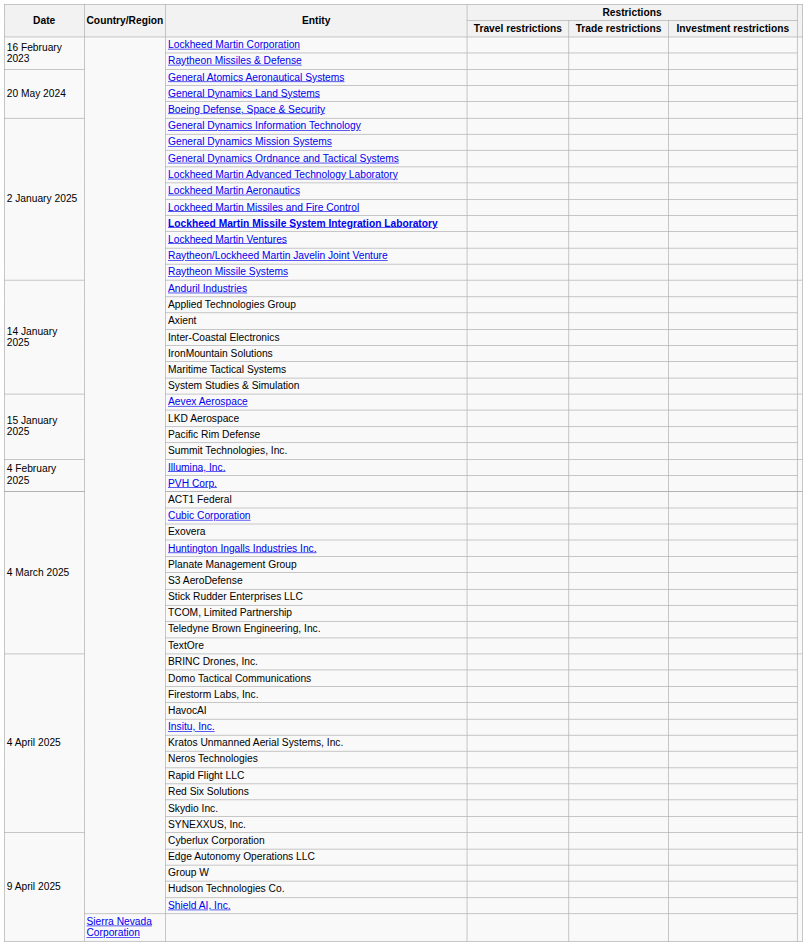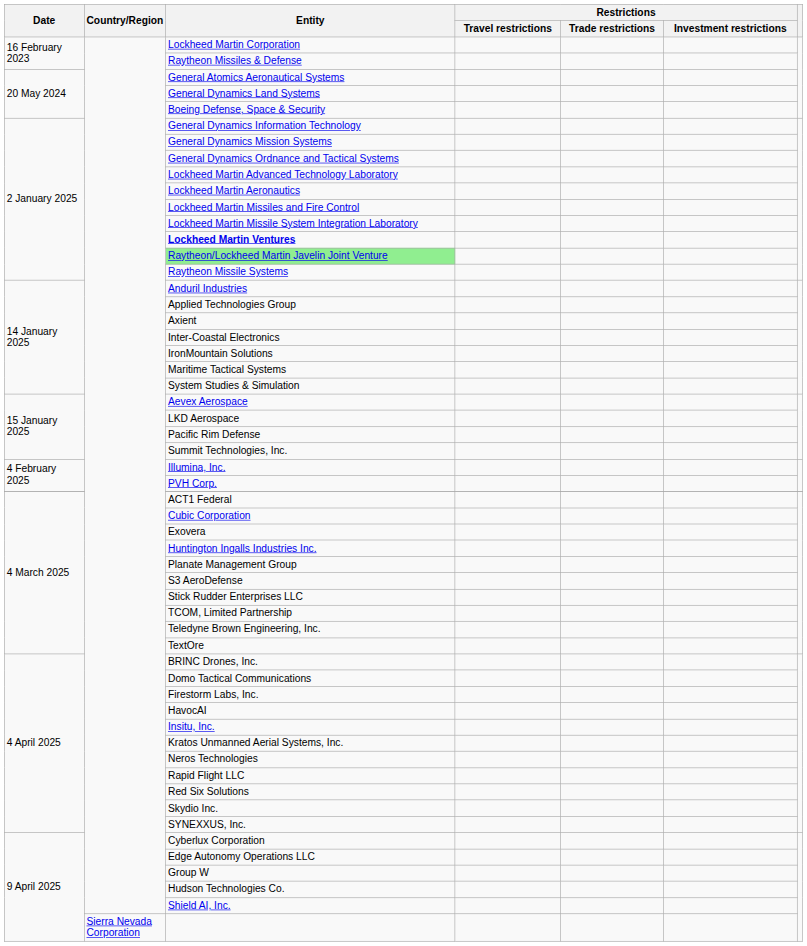 <table class="wikitable sortable">
 <tr>
 <th rowspan="2" style="width: 10%">Date</th>
 <th rowspan="2" style="width: 8%">Country/Region</th>
 <th rowspan="2">Entity</th>
 <th colspan="3">Restrictions</th>
 <th rowspan="2"></th>
 </tr>
 <tr>
 <th>Travel restrictions</th>
 <th>Trade restrictions</th>
 <th>Investment restrictions</th>
 </tr>
 <tr>
 <td rowspan="2">16 February 2023</td>
 <td rowspan="55"></td>
 <td><a href='#'>Lockheed Martin Corporation</a></td>
 <td></td>
 <td></td>
 <td></td>
 <td rowspan="5"></td>
 </tr>
 <tr>
 <td><a href='#'>Raytheon Missiles & Defense</a></td>
 <td></td>
 <td></td>
 <td></td>
 </tr>
 <tr>
 <td rowspan="3">20 May 2024</td>
 <td><a href='#'>General Atomics Aeronautical Systems</a></td>
 <td></td>
 <td></td>
 <td></td>
 </tr>
 <tr>
 <td><a href='#'>General Dynamics Land Systems</a></td>
 <td></td>
 <td></td>
 <td></td>
 </tr>
 <tr>
 <td><a href='#'>Boeing Defense, Space & Security</a></td>
 <td></td>
 <td></td>
 <td></td>
 </tr>
 <tr>
 <td rowspan="10">2 January 2025</td>
 <td><a href='#'>General Dynamics Information Technology</a></td>
 <td></td>
 <td></td>
 <td></td>
 <td rowspan="10"></td>
 </tr>
 <tr>
 <td><a href='#'>General Dynamics Mission Systems</a></td>
 <td></td>
 <td></td>
 <td></td>
 </tr>
 <tr>
 <td><a href='#'>General Dynamics Ordnance and Tactical Systems</a></td>
 <td></td>
 <td></td>
 <td></td>
 </tr>
 <tr>
 <td><a href='#'>Lockheed Martin Advanced Technology Laboratory</a></td>
 <td></td>
 <td></td>
 <td></td>
 </tr>
 <tr>
 <td><a href='#'>Lockheed Martin Aeronautics</a></td>
 <td></td>
 <td></td>
 <td></td>
 </tr>
 <tr>
 <td><a href='#'>Lockheed Martin Missiles and Fire Control</a></td>
 <td></td>
 <td></td>
 <td></td>
 </tr>
 <tr>
-<td><strong><a href='#'>Lockheed Martin Missile System Integration Laboratory</a></strong></td>
+<td><a href='#'>Lockheed Martin Missile System Integration Laboratory</a></td>
 <td></td>
 <td></td>
 <td></td>
 </tr>
 <tr>
-<td><a href='#'>Lockheed Martin Ventures</a></td>
+<td><strong><a href='#'>Lockheed Martin Ventures</a></strong></td>
 <td></td>
 <td></td>
 <td></td>
 </tr>
 <tr>
-<td><a href='#'>Raytheon/Lockheed Martin Javelin Joint Venture</a></td>
+<td style="background: lightgreen;"><a href='#'>Raytheon/Lockheed Martin Javelin Joint Venture</a></td>
 <td></td>
 <td></td>
 <td></td>
 </tr>
 <tr>
 <td><a href='#'>Raytheon Missile Systems</a></td>
 <td></td>
 <td></td>
 <td></td>
 </tr>
 <tr>
 <td rowspan="7">14 January 2025</td>
 <td><a href='#'>Anduril Industries</a></td>
 <td></td>
 <td></td>
 <td></td>
 <td rowspan="7"></td>
 </tr>
 <tr>
 <td>Applied Technologies Group</td>
 <td></td>
 <td></td>
 <td></td>
 </tr>
 <tr>
 <td>Axient</td>
 <td></td>
 <td></td>
 <td></td>
 </tr>
 <tr>
 <td>Inter-Coastal Electronics</td>
 <td></td>
 <td></td>
 <td></td>
 </tr>
 <tr>
 <td>IronMountain Solutions</td>
 <td></td>
 <td></td>
 <td></td>
 </tr>
 <tr>
 <td>Maritime Tactical Systems</td>
 <td></td>
 <td></td>
 <td></td>
 </tr>
 <tr>
 <td>System Studies & Simulation</td>
 <td></td>
 <td></td>
 <td></td>
 </tr>
 <tr>
 <td rowspan="4">15 January 2025</td>
 <td><a href='#'>Aevex Aerospace</a></td>
 <td></td>
 <td></td>
 <td></td>
 <td rowspan="4"></td>
 </tr>
 <tr>
 <td>LKD Aerospace</td>
 <td></td>
 <td></td>
 <td></td>
 </tr>
 <tr>
 <td>Pacific Rim Defense</td>
 <td></td>
 <td></td>
 <td></td>
 </tr>
 <tr>
 <td>Summit Technologies, Inc.</td>
 <td></td>
 <td></td>
 <td></td>
 </tr>
 <tr>
 <td rowspan="2">4 February 2025</td>
 <td><a href='#'>Illumina, Inc.</a></td>
 <td></td>
 <td></td>
 <td></td>
 <td rowspan="2"></td>
 </tr>
 <tr>
 <td><a href='#'>PVH Corp.</a></td>
 <td></td>
 <td></td>
 <td></td>
 </tr>
 <tr>
 </tr>
 <tr>
 <td rowspan="10">4 March 2025</td>
 <td>ACT1 Federal</td>
 <td></td>
 <td></td>
 <td></td>
 <td rowspan="10"></td>
 </tr>
 <tr>
 <td><a href='#'>Cubic Corporation</a></td>
 <td></td>
 <td></td>
 <td></td>
 </tr>
 <tr>
 <td>Exovera</td>
 <td></td>
 <td></td>
 <td></td>
 </tr>
 <tr>
 <td><a href='#'>Huntington Ingalls Industries Inc.</a></td>
 <td></td>
 <td></td>
 <td></td>
 </tr>
 <tr>
 <td>Planate Management Group</td>
 <td></td>
 <td></td>
 <td></td>
 </tr>
 <tr>
 <td>S3 AeroDefense</td>
 <td></td>
 <td></td>
 <td></td>
 </tr>
 <tr>
 <td>Stick Rudder Enterprises LLC</td>
 <td></td>
 <td></td>
 <td></td>
 </tr>
 <tr>
 <td>TCOM, Limited Partnership</td>
 <td></td>
 <td></td>
 <td></td>
 </tr>
 <tr>
 <td>Teledyne Brown Engineering, Inc.</td>
 <td></td>
 <td></td>
 <td></td>
 </tr>
 <tr>
 <td>TextOre</td>
 <td></td>
 <td></td>
 <td></td>
 </tr>
 <tr>
 <td rowspan="11">4 April 2025</td>
 <td>BRINC Drones, Inc.</td>
 <td></td>
 <td></td>
 <td></td>
 <td rowspan="11"></td>
 </tr>
 <tr>
 <td>Domo Tactical Communications</td>
 <td></td>
 <td></td>
 <td></td>
 </tr>
 <tr>
 <td>Firestorm Labs, Inc.</td>
 <td></td>
 <td></td>
 <td></td>
 </tr>
 <tr>
 <td>HavocAI</td>
 <td></td>
 <td></td>
 <td></td>
 </tr>
 <tr>
 <td><a href='#'>Insitu, Inc.</a></td>
 <td></td>
 <td></td>
 <td></td>
 </tr>
 <tr>
 <td>Kratos Unmanned Aerial Systems, Inc.</td>
 <td></td>
 <td></td>
 <td></td>
 </tr>
 <tr>
 <td>Neros Technologies</td>
 <td></td>
 <td></td>
 <td></td>
 </tr>
 <tr>
 <td>Rapid Flight LLC</td>
 <td></td>
 <td></td>
 <td></td>
 </tr>
 <tr>
 <td>Red Six Solutions</td>
 <td></td>
 <td></td>
 <td></td>
 </tr>
 <tr>
 <td>Skydio Inc.</td>
 <td></td>
 <td></td>
 <td></td>
 </tr>
 <tr>
 <td>SYNEXXUS, Inc.</td>
 <td></td>
 <td></td>
 <td></td>
 </tr>
 <tr>
 <td rowspan="6">9 April 2025</td>
 <td>Cyberlux Corporation</td>
 <td></td>
 <td></td>
 <td></td>
 <td rowspan="6"></td>
 </tr>
 <tr>
 <td>Edge Autonomy Operations LLC</td>
 <td></td>
 <td></td>
 <td></td>
 </tr>
 <tr>
 <td>Group W</td>
 <td></td>
 <td></td>
 <td></td>
 </tr>
 <tr>
 <td>Hudson Technologies Co.</td>
 <td></td>
 <td></td>
 <td></td>
 </tr>
 <tr>
 <td><a href='#'>Shield AI, Inc.</a></td>
 <td></td>
 <td></td>
 <td></td>
 </tr>
 <tr>
 <td><a href='#'>Sierra Nevada Corporation</a></td>
 <td></td>
 <td></td>
 <td></td>
 </tr>
 </table>
